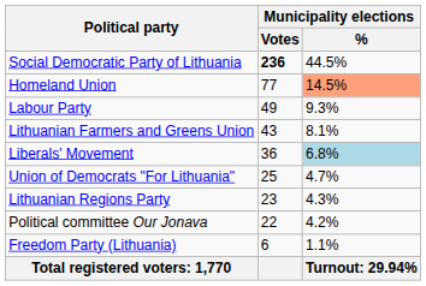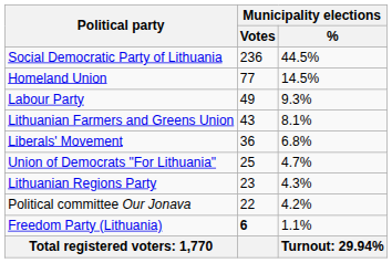 <table class="wikitable">
 <tr>
 <th rowspan="2">Political party</th>
 <th colspan="2">Municipality elections</th>
 </tr>
 <tr>
 <th>Votes </th>
 <th>%</th>
 </tr>
 <tr>
 <td><a href='#'>Social Democratic Party of Lithuania</a></td>
-<td><strong>236</strong></td>
+<td>236</td>
 <td>44.5%</td>
 </tr>
 <tr>
 <td><a href='#'>Homeland Union</a></td>
 <td>77</td>
-<td style="background: lightsalmon;">14.5%</td>
+<td>14.5%</td>
 </tr>
 <tr>
 <td><a href='#'>Labour Party</a></td>
 <td>49</td>
 <td>9.3%</td>
 </tr>
 <tr>
 <td><a href='#'>Lithuanian Farmers and Greens Union</a></td>
 <td>43</td>
 <td>8.1%</td>
 </tr>
 <tr>
 <td><a href='#'>Liberals' Movement</a></td>
 <td>36</td>
-<td style="background: lightblue;">6.8%</td>
+<td>6.8%</td>
 </tr>
 <tr>
 <td><a href='#'>Union of Democrats "For Lithuania"</a></td>
 <td>25</td>
 <td>4.7%</td>
 </tr>
 <tr>
 <td><a href='#'>Lithuanian Regions Party</a></td>
 <td>23</td>
 <td>4.3%</td>
 </tr>
 <tr>
 <td>Political committee <em>Our Jonava</em></td>
 <td>22</td>
 <td>4.2%</td>
 </tr>
 <tr>
 <td><a href='#'>Freedom Party (Lithuania)</a></td>
-<td>6</td>
+<td><strong>6</strong></td>
 <td>1.1%</td>
 </tr>
 <tr>
 <th>Total registered voters: 1,770</th>
 <th></th>
 <th>Turnout: 29.94%</th>
 </tr>
 </table>
